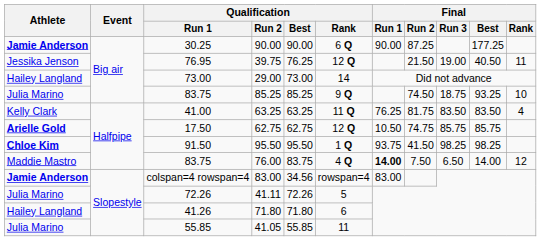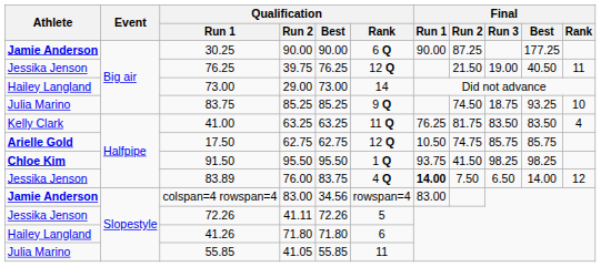 <table class=wikitable style=font-size:90%;text-align:center>
 <tr>
 <th rowspan=2>Athlete</th>
 <th rowspan=2>Event</th>
 <th colspan=4>Qualification</th>
 <th colspan=5>Final</th>
 </tr>
 <tr style=font-size:95%>
 <th>Run 1</th>
 <th>Run 2</th>
 <th>Best</th>
 <th>Rank</th>
 <th>Run 1</th>
 <th>Run 2</th>
 <th>Run 3</th>
 <th>Best</th>
 <th>Rank</th>
 </tr>
 <tr>
 <td align=left><strong><a href='#'>Jamie Anderson</a></strong></td>
 <td style="text-align:left;" rowspan="4"><a href='#'>Big air</a></td>
 <td>30.25</td>
 <td>90.00</td>
 <td>90.00</td>
 <td>6 <strong>Q</strong></td>
 <td>90.00</td>
 <td>87.25</td>
 <td></td>
 <td>177.25</td>
 <td></td>
 </tr>
 <tr>
 <td align=left><a href='#'>Jessika Jenson</a></td>
-<td>76.95</td>
+<td>76.25</td>
 <td>39.75</td>
 <td>76.25</td>
 <td>12 <strong>Q</strong></td>
 <td></td>
 <td>21.50</td>
 <td>19.00</td>
 <td>40.50</td>
 <td>11</td>
 </tr>
 <tr>
 <td align=left><a href='#'>Hailey Langland</a></td>
 <td>73.00</td>
 <td>29.00</td>
 <td>73.00</td>
 <td>14</td>
 <td colspan=5>Did not advance</td>
 </tr>
 <tr>
 <td align=left><a href='#'>Julia Marino</a></td>
 <td>83.75</td>
 <td>85.25</td>
 <td>85.25</td>
 <td>9 <strong>Q</strong></td>
 <td></td>
 <td>74.50</td>
 <td>18.75</td>
 <td>93.25</td>
 <td>10</td>
 </tr>
 <tr>
 <td align=left><a href='#'>Kelly Clark</a></td>
 <td style="text-align:left;" rowspan="4"><a href='#'>Halfpipe</a></td>
 <td>41.00</td>
 <td>63.25</td>
 <td>63.25</td>
 <td>11 <strong>Q</strong></td>
 <td>76.25</td>
 <td>81.75</td>
 <td>83.50</td>
 <td>83.50</td>
 <td>4</td>
 </tr>
 <tr>
 <td align=left><strong><a href='#'>Arielle Gold</a></strong></td>
 <td>17.50</td>
 <td>62.75</td>
 <td>62.75</td>
 <td>12 <strong>Q</strong></td>
 <td>10.50</td>
 <td>74.75</td>
 <td>85.75</td>
 <td>85.75</td>
 <td></td>
 </tr>
 <tr>
 <td align=left><strong><a href='#'>Chloe Kim</a></strong></td>
 <td>91.50</td>
 <td>95.50</td>
 <td>95.50</td>
 <td>1 <strong>Q</strong></td>
 <td>93.75</td>
 <td>41.50</td>
 <td>98.25</td>
 <td>98.25</td>
 <td></td>
 </tr>
 <tr>
-<td align=left><a href='#'>Maddie Mastro</a></td>
-<td>83.75</td>
+<td align=left><a href='#'>Jessika Jenson</a></td>
+<td>83.89</td>
 <td>76.00</td>
 <td>83.75</td>
 <td>4 <strong>Q</strong></td>
 <td><strong>14.00</strong></td>
 <td>7.50</td>
 <td>6.50</td>
 <td>14.00</td>
 <td>12</td>
 </tr>
 <tr>
 <td align=left><strong><a href='#'>Jamie Anderson</a></strong></td>
 <td style="text-align:left;" rowspan="4"><a href='#'>Slopestyle</a></td>
 <td>colspan=4 rowspan=4 </td>
 <td>83.00</td>
 <td>34.56</td>
 <td>rowspan=4 </td>
 <td>83.00</td>
 <td></td>
 </tr>
 <tr>
-<td align=left><a href='#'>Julia Marino</a></td>
+<td align=left><a href='#'>Jessika Jenson</a></td>
 <td>72.26</td>
 <td>41.11</td>
 <td>72.26</td>
 <td>5</td>
 </tr>
 <tr>
 <td align=left><a href='#'>Hailey Langland</a></td>
 <td>41.26</td>
 <td>71.80</td>
 <td>71.80</td>
 <td>6</td>
 </tr>
 <tr>
 <td align=left><a href='#'>Julia Marino</a></td>
 <td>55.85</td>
 <td>41.05</td>
 <td>55.85</td>
 <td>11</td>
 </tr>
 </table>
